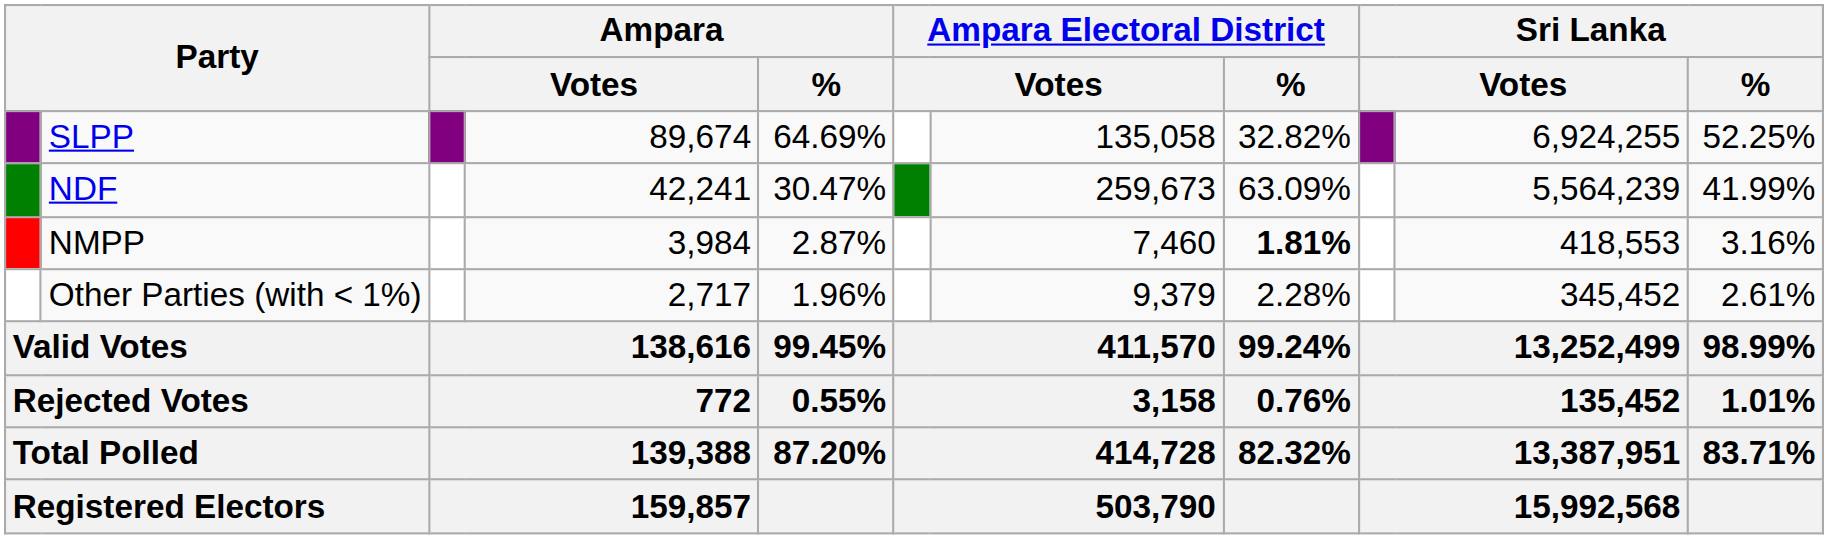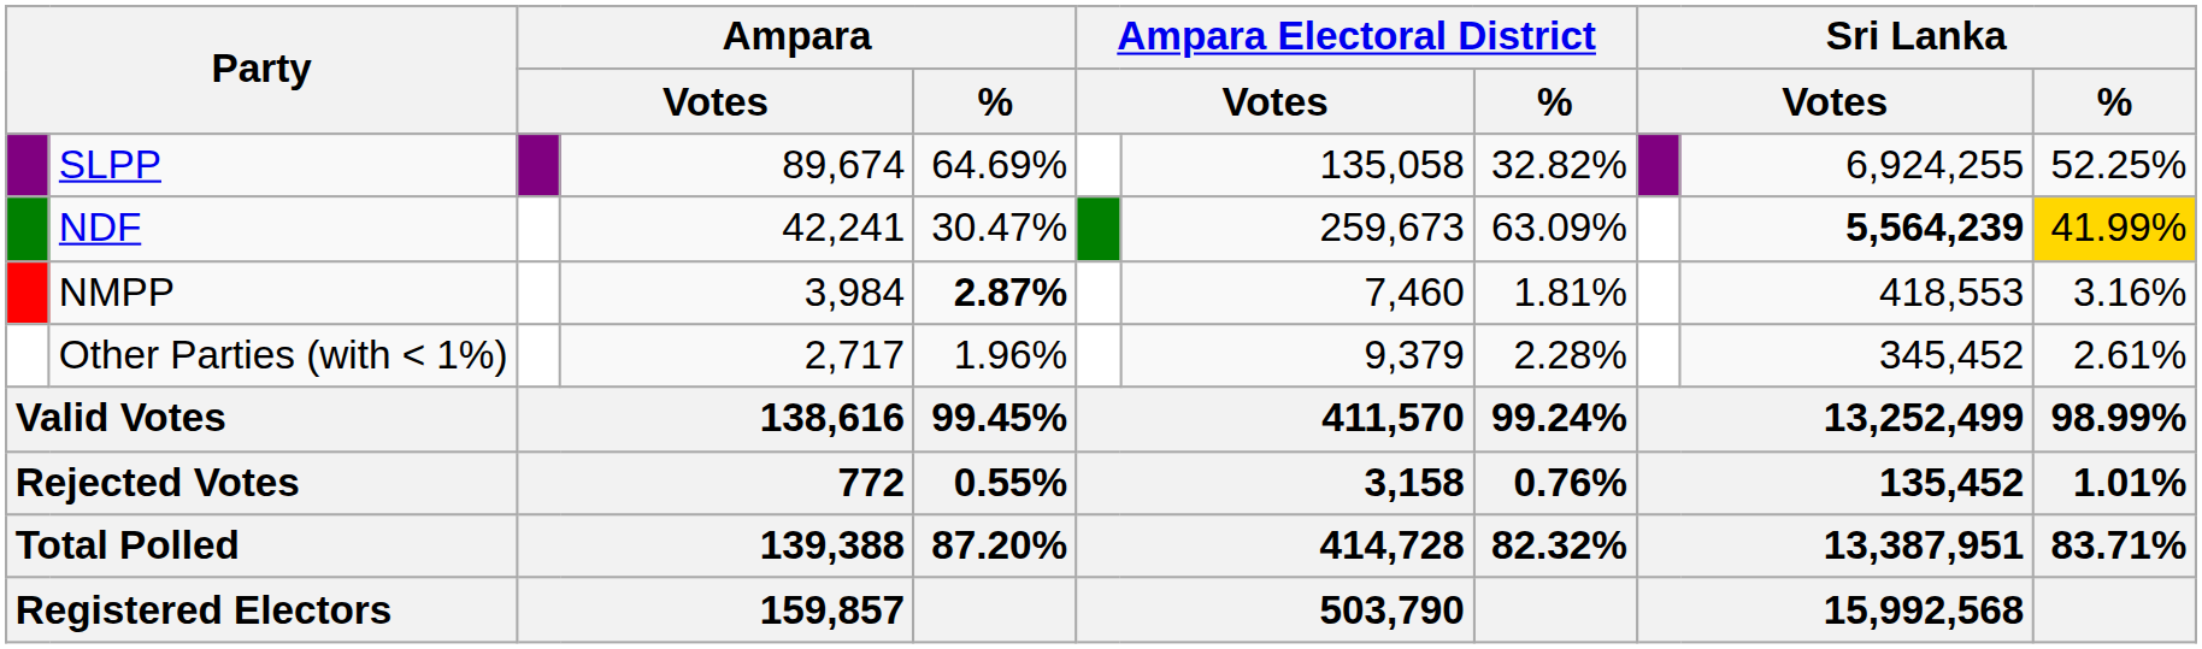 <table class="wikitable">
 <tr>
 <th colspan="2" width="144px"rowspan="2">Party</th>
 <th colspan="3" width="216px">Ampara</th>
 <th colspan="3" width="216px"><a href='#'>Ampara Electoral District</a></th>
 <th colspan="3" width="216px">Sri Lanka</th>
 </tr>
 <tr>
 <th colspan="2" width="144px">Votes</th>
 <th>%</th>
 <th colspan="2" width="144px">Votes</th>
 <th>%</th>
 <th colspan="2" width="144px">Votes</th>
 <th>%</th>
 </tr>
 <tr>
 <td style="background-color:purple;" width="10px"></td>
 <td style="text-align:left;"><a href='#'>SLPP</a></td>
 <td style="background-color:purple;" width="10px"></td>
 <td style="text-align:right;">89,674</td>
 <td style="text-align:right;">64.69%</td>
 <td style="background-color:white;" width="10px"></td>
 <td style="text-align:right;">135,058</td>
 <td style="text-align:right;">32.82%</td>
 <td style="background-color:purple;" width="10px"></td>
 <td style="text-align:right;">6,924,255</td>
 <td style="text-align:right;">52.25%</td>
 </tr>
 <tr>
 <td style="background-color:green;" width="10px"></td>
 <td style="text-align:left;"><a href='#'>NDF</a></td>
 <td style="background-color:white;" width="10px"></td>
 <td style="text-align:right;">42,241</td>
 <td style="text-align:right;">30.47%</td>
 <td style="background-color:green;" width="10px"></td>
 <td style="text-align:right;">259,673</td>
 <td style="text-align:right;">63.09%</td>
 <td style="background-color:white;" width="10px"></td>
-<td style="text-align:right;">5,564,239</td>
-<td style="text-align:right;">41.99%</td>
+<td style="text-align:right;"><strong>5,564,239</strong></td>
+<td style="background: gold; text-align:right;">41.99%</td>
 </tr>
 <tr>
 <td style="background-color:red;" width="10px"></td>
 <td style="text-align:left;">NMPP</td>
 <td style="background-color:white;" width="10px"></td>
 <td style="text-align:right;">3,984</td>
-<td style="text-align:right;">2.87%</td>
+<td style="text-align:right;"><strong>2.87%</strong></td>
 <td style="background-color:white;" width="10px"></td>
 <td style="text-align:right;">7,460</td>
-<td style="text-align:right;"><strong>1.81%</strong></td>
+<td style="text-align:right;">1.81%</td>
 <td style="background-color:white;" width="10px"></td>
 <td style="text-align:right;">418,553</td>
 <td style="text-align:right;">3.16%</td>
 </tr>
 <tr>
 <td style="background-color:white;" width="10px"></td>
 <td style="text-align:left;">Other Parties (with < 1%)</td>
 <td style="background-color:white;" width="10px"></td>
 <td style="text-align:right;">2,717</td>
 <td style="text-align:right;">1.96%</td>
 <td style="background-color:white;" width="10px"></td>
 <td style="text-align:right;">9,379</td>
 <td style="text-align:right;">2.28%</td>
 <td style="background-color:white;" width="10px"></td>
 <td style="text-align:right;">345,452</td>
 <td style="text-align:right;">2.61%</td>
 </tr>
 <tr>
 <th colspan="2" width="144px"style="text-align:left;">Valid Votes</th>
 <th style="text-align:right;"colspan="2" width="144px">138,616</th>
 <th style="text-align:right;">99.45%</th>
 <th style="text-align:right;"colspan="2" width="144px">411,570</th>
 <th style="text-align:right;">99.24%</th>
 <th style="text-align:right;"colspan="2" width="144px">13,252,499</th>
 <th style="text-align:right;">98.99%</th>
 </tr>
 <tr>
 <th colspan="2" width="144px"style="text-align:left;">Rejected Votes</th>
 <th style="text-align:right;"colspan="2" width="144px">772</th>
 <th style="text-align:right;">0.55%</th>
 <th style="text-align:right;"colspan="2" width="144px">3,158</th>
 <th style="text-align:right;">0.76%</th>
 <th style="text-align:right;"colspan="2" width="144px">135,452</th>
 <th style="text-align:right;">1.01%</th>
 </tr>
 <tr>
 <th colspan="2" width="144px"style="text-align:left;">Total Polled</th>
 <th style="text-align:right;"colspan="2" width="144px">139,388</th>
 <th style="text-align:right;">87.20%</th>
 <th style="text-align:right;"colspan="2" width="144px">414,728</th>
 <th style="text-align:right;">82.32%</th>
 <th style="text-align:right;"colspan="2" width="144px">13,387,951</th>
 <th style="text-align:right;">83.71%</th>
 </tr>
 <tr>
 <th colspan="2" width="144px"style="text-align:left;">Registered Electors</th>
 <th style="text-align:right;"colspan="2" width="144px">159,857</th>
 <th></th>
 <th style="text-align:right;"colspan="2" width="144px">503,790</th>
 <th></th>
 <th style="text-align:right;"colspan="2" width="144px">15,992,568</th>
 <th></th>
 </tr>
 </table>
